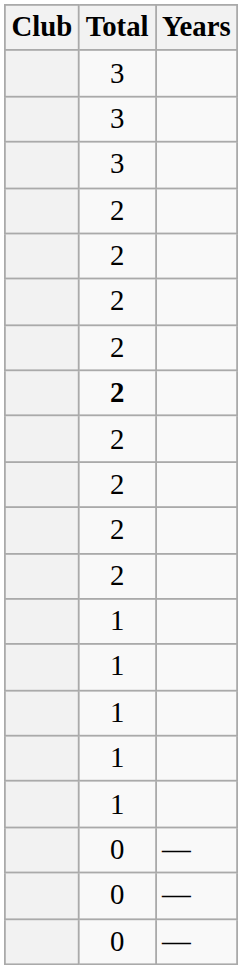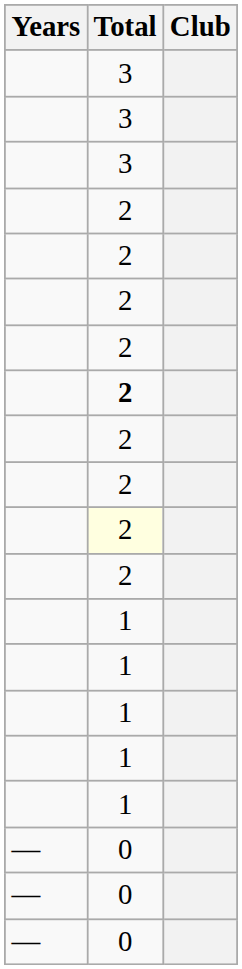 <table class="wikitable plainrowheaders sortable">
 <tr>
+<th scope="col">Years</th>
+<th scope="col">Total</th>
 <th scope="col">Club</th>
-<th scope="col">Total</th>
-<th scope="col">Years</th>
 </tr>
 <tr>
+<td></td>
+<td style="text-align:center;">3</td>
 <th scope="row"></th>
-<td style="text-align:center;">3</td>
-<td></td>
 </tr>
 <tr>
+<td></td>
+<td style="text-align:center;">3</td>
 <th scope="row"></th>
-<td style="text-align:center;">3</td>
-<td></td>
 </tr>
 <tr>
+<td></td>
+<td style="text-align:center;">3</td>
 <th scope="row"></th>
-<td style="text-align:center;">3</td>
-<td></td>
 </tr>
 <tr>
+<td></td>
+<td style="text-align:center;">2</td>
 <th scope="row"></th>
-<td style="text-align:center;">2</td>
-<td></td>
 </tr>
 <tr>
+<td></td>
+<td style="text-align:center;">2</td>
 <th scope="row"></th>
-<td style="text-align:center;">2</td>
-<td></td>
 </tr>
 <tr>
+<td></td>
+<td style="text-align:center;">2</td>
 <th scope="row"></th>
-<td style="text-align:center;">2</td>
-<td></td>
 </tr>
 <tr>
+<td></td>
+<td style="text-align:center;">2</td>
 <th scope="row"></th>
-<td style="text-align:center;">2</td>
-<td></td>
 </tr>
 <tr>
+<td></td>
+<td style="text-align:center;"><strong>2</strong></td>
 <th scope="row"></th>
-<td style="text-align:center;"><strong>2</strong></td>
-<td></td>
 </tr>
 <tr>
+<td></td>
+<td style="text-align:center;">2</td>
 <th scope="row"></th>
-<td style="text-align:center;">2</td>
-<td></td>
 </tr>
 <tr>
+<td></td>
+<td style="text-align:center;">2</td>
 <th scope="row"></th>
-<td style="text-align:center;">2</td>
-<td></td>
 </tr>
 <tr>
+<td></td>
+<td style="background: lightyellow; text-align:center;">2</td>
 <th scope="row"></th>
-<td style="text-align:center;">2</td>
-<td></td>
 </tr>
 <tr>
+<td></td>
+<td style="text-align:center;">2</td>
 <th scope="row"></th>
-<td style="text-align:center;">2</td>
-<td></td>
 </tr>
 <tr>
+<td></td>
+<td style="text-align:center;">1</td>
 <th scope="row"></th>
-<td style="text-align:center;">1</td>
-<td></td>
 </tr>
 <tr>
+<td></td>
+<td style="text-align:center;">1</td>
 <th scope="row"></th>
-<td style="text-align:center;">1</td>
-<td></td>
 </tr>
 <tr>
+<td></td>
+<td style="text-align:center;">1</td>
 <th scope="row"></th>
-<td style="text-align:center;">1</td>
-<td></td>
 </tr>
 <tr>
+<td></td>
+<td style="text-align:center;">1</td>
 <th scope="row"></th>
-<td style="text-align:center;">1</td>
-<td></td>
 </tr>
 <tr>
+<td></td>
+<td style="text-align:center;">1</td>
 <th scope="row"></th>
-<td style="text-align:center;">1</td>
-<td></td>
 </tr>
 <tr>
+<td>—</td>
+<td style="text-align:center;">0</td>
 <th scope="row"></th>
-<td style="text-align:center;">0</td>
-<td>—</td>
 </tr>
 <tr>
+<td>—</td>
+<td style="text-align:center;">0</td>
 <th scope="row"></th>
-<td style="text-align:center;">0</td>
-<td>—</td>
 </tr>
 <tr>
+<td>—</td>
+<td style="text-align:center;">0</td>
 <th scope="row"></th>
-<td style="text-align:center;">0</td>
-<td>—</td>
 </tr>
 </table>
